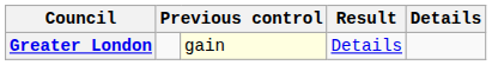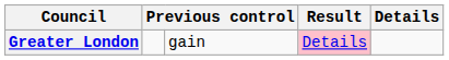 <table class="wikitable sortable" border="1">
 <tr>
 <th scope="col">Council</th>
 <th colspan=2>Previous control</th>
 <th colspan=2>Result</th>
 <th class="unsortable" scope="col">Details</th>
 </tr>
 <tr>
 <th scope="row" style="text-align: left;"><a href='#'>Greater London</a></th>
 <td></td>
-<td style="background: lightyellow;"> gain</td>
-<td><a href='#'>Details</a></td>
+<td> gain</td>
+<td style="background: pink;"><a href='#'>Details</a></td>
 </tr>
 </table>
